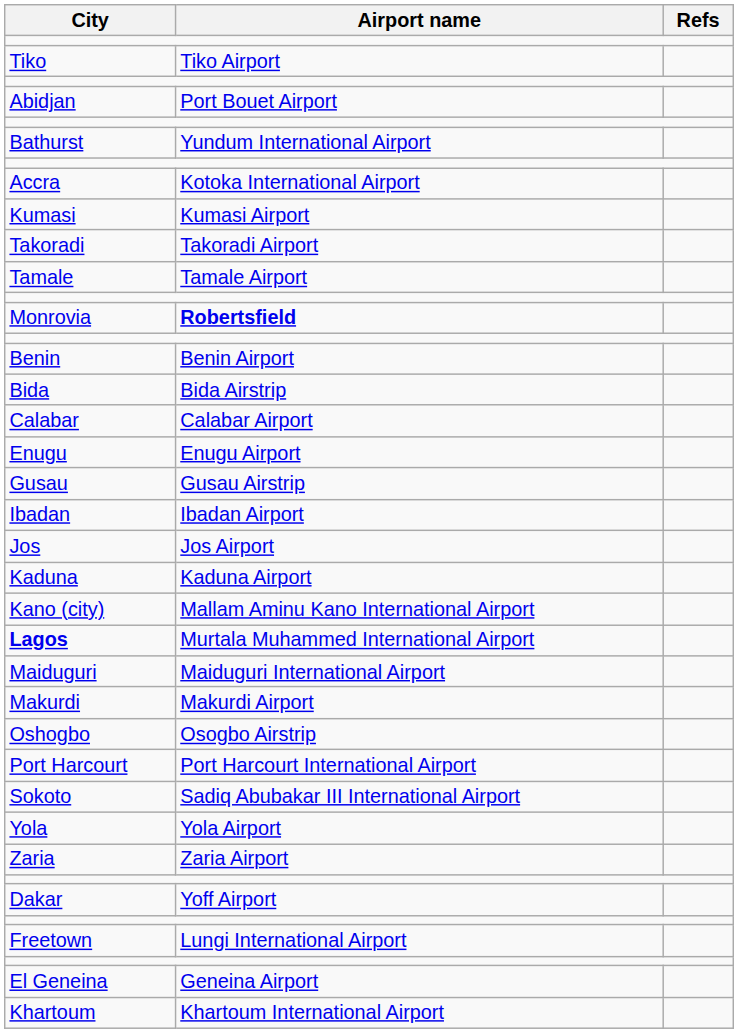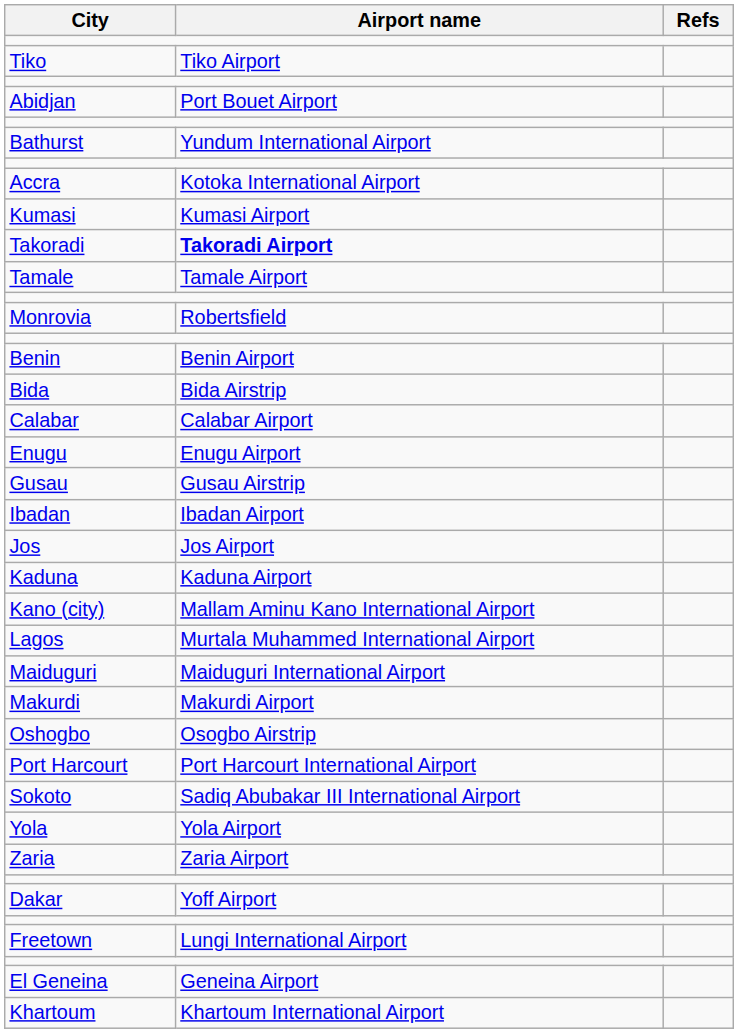 <table class="wikitable" style="font-size: 85%" width="500">
 <tr>
 <th>City</th>
 <th>Airport name</th>
 <th>Refs</th>
 </tr>
 <tr>
 <td align=center colspan="4"><strong></strong></td>
 </tr>
 <tr>
 <td><a href='#'>Tiko</a></td>
 <td><a href='#'>Tiko Airport</a></td>
 <td align=center></td>
 </tr>
 <tr>
 <td align=center colspan="4"><strong></strong></td>
 </tr>
 <tr>
 <td><a href='#'>Abidjan</a></td>
 <td><a href='#'>Port Bouet Airport</a></td>
 <td align=center></td>
 </tr>
 <tr>
 <td align=center colspan="4"><strong></strong></td>
 </tr>
 <tr>
 <td><a href='#'>Bathurst</a></td>
 <td><a href='#'>Yundum International Airport</a></td>
 <td align=center></td>
 </tr>
 <tr>
 <td align=center colspan="4"><strong></strong></td>
 </tr>
 <tr>
 <td><a href='#'>Accra</a></td>
 <td><a href='#'>Kotoka International Airport</a></td>
 <td align=center></td>
 </tr>
 <tr>
 <td><a href='#'>Kumasi</a></td>
 <td><a href='#'>Kumasi Airport</a></td>
 <td align=center></td>
 </tr>
 <tr>
 <td><a href='#'>Takoradi</a></td>
-<td><a href='#'>Takoradi Airport</a></td>
+<td><strong><a href='#'>Takoradi Airport</a></strong></td>
 <td align=center></td>
 </tr>
 <tr>
 <td><a href='#'>Tamale</a></td>
 <td><a href='#'>Tamale Airport</a></td>
 <td align=center></td>
 </tr>
 <tr>
 <td align=center colspan="6"><strong></strong></td>
 </tr>
 <tr>
 <td><a href='#'>Monrovia</a></td>
-<td><strong><a href='#'>Robertsfield</a></strong></td>
+<td><a href='#'>Robertsfield</a></td>
 <td align=center></td>
 </tr>
 <tr>
 <td align=center colspan="6"><strong></strong></td>
 </tr>
 <tr>
 <td><a href='#'>Benin</a></td>
 <td><a href='#'>Benin Airport</a></td>
 <td align=center></td>
 </tr>
 <tr>
 <td><a href='#'>Bida</a></td>
 <td><a href='#'>Bida Airstrip</a></td>
 <td align=center></td>
 </tr>
 <tr>
 <td><a href='#'>Calabar</a></td>
 <td><a href='#'>Calabar Airport</a></td>
 <td align=center></td>
 </tr>
 <tr>
 <td><a href='#'>Enugu</a></td>
 <td><a href='#'>Enugu Airport</a></td>
 <td align=center></td>
 </tr>
 <tr>
 <td><a href='#'>Gusau</a></td>
 <td><a href='#'>Gusau Airstrip</a></td>
 <td align=center></td>
 </tr>
 <tr>
 <td><a href='#'>Ibadan</a></td>
 <td><a href='#'>Ibadan Airport</a></td>
 <td align=center></td>
 </tr>
 <tr>
 <td><a href='#'>Jos</a></td>
 <td><a href='#'>Jos Airport</a></td>
 <td align=center></td>
 </tr>
 <tr>
 <td><a href='#'>Kaduna</a></td>
 <td><a href='#'>Kaduna Airport</a></td>
 <td align=center></td>
 </tr>
 <tr>
 <td><a href='#'>Kano (city)</a></td>
 <td><a href='#'>Mallam Aminu Kano International Airport</a></td>
 <td align=center></td>
 </tr>
 <tr>
-<td><strong><a href='#'>Lagos</a></strong></td>
+<td><a href='#'>Lagos</a></td>
 <td><a href='#'>Murtala Muhammed International Airport</a></td>
 <td align=center></td>
 </tr>
 <tr>
 <td><a href='#'>Maiduguri</a></td>
 <td><a href='#'>Maiduguri International Airport</a></td>
 <td align=center></td>
 </tr>
 <tr>
 <td><a href='#'>Makurdi</a></td>
 <td><a href='#'>Makurdi Airport</a></td>
 <td align=center></td>
 </tr>
 <tr>
 <td><a href='#'>Oshogbo</a></td>
 <td><a href='#'>Osogbo Airstrip</a></td>
 <td align=center></td>
 </tr>
 <tr>
 <td><a href='#'>Port Harcourt</a></td>
 <td><a href='#'>Port Harcourt International Airport</a></td>
 <td align=center></td>
 </tr>
 <tr>
 <td><a href='#'>Sokoto</a></td>
 <td><a href='#'>Sadiq Abubakar III International Airport</a></td>
 <td align=center></td>
 </tr>
 <tr>
 <td><a href='#'>Yola</a></td>
 <td><a href='#'>Yola Airport</a></td>
 <td align=center></td>
 </tr>
 <tr>
 <td><a href='#'>Zaria</a></td>
 <td><a href='#'>Zaria Airport</a></td>
 <td align=center></td>
 </tr>
 <tr>
 <td align=center colspan="4"><strong></strong></td>
 </tr>
 <tr>
 <td><a href='#'>Dakar</a></td>
 <td><a href='#'>Yoff Airport</a></td>
 <td align=center></td>
 </tr>
 <tr>
 <td align=center colspan="4"><strong></strong></td>
 </tr>
 <tr>
 <td><a href='#'>Freetown</a></td>
 <td><a href='#'>Lungi International Airport</a></td>
 <td align=center></td>
 </tr>
 <tr>
 <td align=center colspan="4"><strong></strong></td>
 </tr>
 <tr>
 <td><a href='#'>El Geneina</a></td>
 <td><a href='#'>Geneina Airport</a></td>
 <td align=center></td>
 </tr>
 <tr>
 <td><a href='#'>Khartoum</a></td>
 <td><a href='#'>Khartoum International Airport</a></td>
 <td align=center></td>
 </tr>
 </table>
